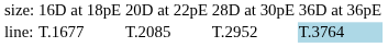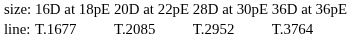 <table style="margin-left:40px;">
 <tr>
 <td>size:</td>
 <td>16D at 18pE</td>
 <td>20D at 22pE</td>
 <td>28D at 30pE</td>
 <td>36D at 36pE</td>
 </tr>
 <tr>
 <td>line:</td>
 <td>T.1677</td>
 <td>T.2085</td>
 <td>T.2952</td>
-<td style="background: lightblue;">T.3764</td>
+<td>T.3764</td>
 </tr>
 </table>
